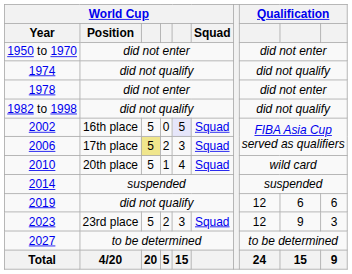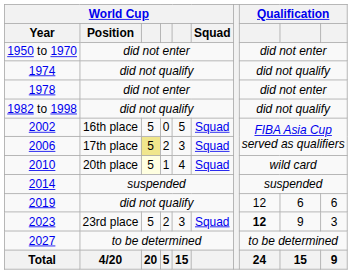 <table class="wikitable" style="text-align: center;font-size:90%;">
 <tr>
 <th colspan=6><a href='#'>World Cup</a></th>
 <th rowspan=14></th>
 <th colspan=3><a href='#'>Qualification</a></th>
 </tr>
 <tr>
 <th>Year</th>
 <th>Position</th>
 <th></th>
 <th></th>
 <th></th>
 <th>Squad</th>
 <th></th>
 <th></th>
 <th></th>
 </tr>
 <tr>
 <td><a href='#'>1950</a> to <a href='#'>1970</a></td>
 <td colspan=5><em>did not enter</em></td>
 <td colspan="3"><em>did not enter</em></td>
 </tr>
 <tr>
 <td> <a href='#'>1974</a></td>
 <td colspan="5"><em>did not qualify</em></td>
 <td colspan="3"><em>did not qualify</em></td>
 </tr>
 <tr>
 <td> <a href='#'>1978</a></td>
 <td colspan="5"><em>did not enter</em></td>
 <td colspan="3"><em>did not enter</em></td>
 </tr>
 <tr>
 <td><a href='#'>1982</a> to <a href='#'>1998</a></td>
 <td colspan="5"><em>did not qualify</em></td>
 <td colspan="3"><em>did not qualify</em></td>
 </tr>
 <tr>
 <td> <a href='#'>2002</a></td>
 <td>16th place</td>
 <td>5</td>
 <td>0</td>
-<td style="background: lavender;">5</td>
+<td>5</td>
 <td><a href='#'>Squad</a></td>
 <td colspan=3 rowspan=2><em><a href='#'>FIBA Asia Cup</a><br>served as qualifiers</em></td>
 </tr>
 <tr>
 <td> <a href='#'>2006</a></td>
 <td>17th place</td>
 <td style="background: khaki;">5</td>
 <td>2</td>
 <td>3</td>
 <td><a href='#'>Squad</a></td>
 </tr>
 <tr>
 <td> <a href='#'>2010</a></td>
 <td>20th place</td>
-<td>5</td>
+<td style="background: lightyellow;">5</td>
 <td>1</td>
 <td>4</td>
 <td><a href='#'>Squad</a></td>
 <td colspan=3><em>wild card</em></td>
 </tr>
 <tr>
 <td> <a href='#'>2014</a></td>
 <td colspan="5"><em>suspended</em></td>
 <td colspan=3><em>suspended</em></td>
 </tr>
 <tr>
 <td> <a href='#'>2019</a></td>
 <td colspan=5><em>did not qualify</em></td>
 <td>12</td>
 <td>6</td>
 <td>6</td>
 </tr>
 <tr>
 <td> <a href='#'>2023</a></td>
 <td>23rd place</td>
 <td>5</td>
 <td>2</td>
 <td>3</td>
 <td><a href='#'>Squad</a></td>
-<td>12</td>
+<td><strong>12</strong></td>
 <td>9</td>
 <td>3</td>
 </tr>
 <tr>
 <td> <a href='#'>2027</a></td>
 <td colspan="5"><em>to be determined</em></td>
 <td colspan="3"><em>to be determined</em></td>
 </tr>
 <tr>
 <th>Total</th>
 <th>4/20</th>
 <th>20</th>
 <th>5</th>
 <th>15</th>
 <th></th>
 <th>24</th>
 <th>15</th>
 <th>9</th>
 </tr>
 </table>
